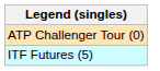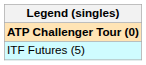 <table class="wikitable">
 <tr>
 <th>Legend (singles)</th>
 </tr>
 <tr bgcolor="moccasin">
-<td>ATP Challenger Tour (0)</td>
+<td><strong>ATP Challenger Tour (0)</strong></td>
 </tr>
 <tr bgcolor="CFFCFF">
 <td>ITF Futures (5)</td>
 </tr>
 </table>
